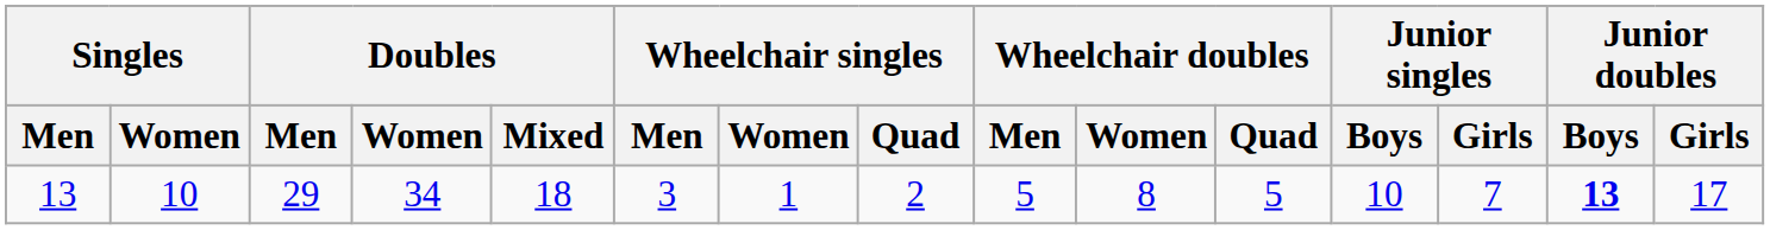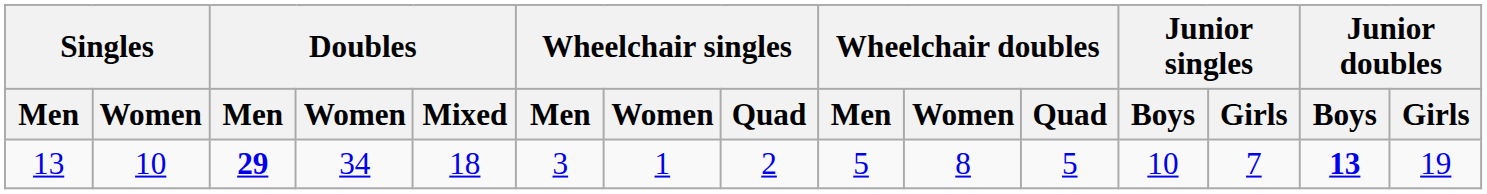 <table class="wikitable nowrap" style="text-align: center; width: 60%;">
 <tr>
 <th colspan="2">Singles</th>
 <th colspan="3">Doubles</th>
 <th colspan="3">Wheelchair singles</th>
 <th colspan="3">Wheelchair doubles</th>
 <th colspan="2">Junior singles</th>
 <th colspan="2">Junior doubles</th>
 </tr>
 <tr>
 <th width="50">Men</th>
 <th width="50">Women</th>
 <th width="50">Men</th>
 <th width="50">Women</th>
 <th width="50">Mixed</th>
 <th width="50">Men</th>
 <th width="50">Women</th>
 <th width="50">Quad</th>
 <th width="50">Men</th>
 <th width="50">Women</th>
 <th width="50">Quad</th>
 <th width="50">Boys</th>
 <th width="50">Girls</th>
 <th width="50">Boys</th>
 <th width="50">Girls</th>
 </tr>
 <tr>
 <td><a href='#'>13</a></td>
 <td><a href='#'>10</a></td>
-<td><a href='#'>29</a></td>
+<td><strong><a href='#'>29</a></strong></td>
 <td><a href='#'>34</a></td>
 <td><a href='#'>18</a></td>
 <td><a href='#'>3</a></td>
 <td><a href='#'>1</a></td>
 <td><a href='#'>2</a></td>
 <td><a href='#'>5</a></td>
 <td><a href='#'>8</a></td>
 <td><a href='#'>5</a></td>
 <td><a href='#'>10</a></td>
 <td><a href='#'>7</a></td>
 <td><strong><a href='#'>13</a></strong></td>
-<td><a href='#'>17</a></td>
+<td><a href='#'>19</a></td>
 </tr>
 </table>
